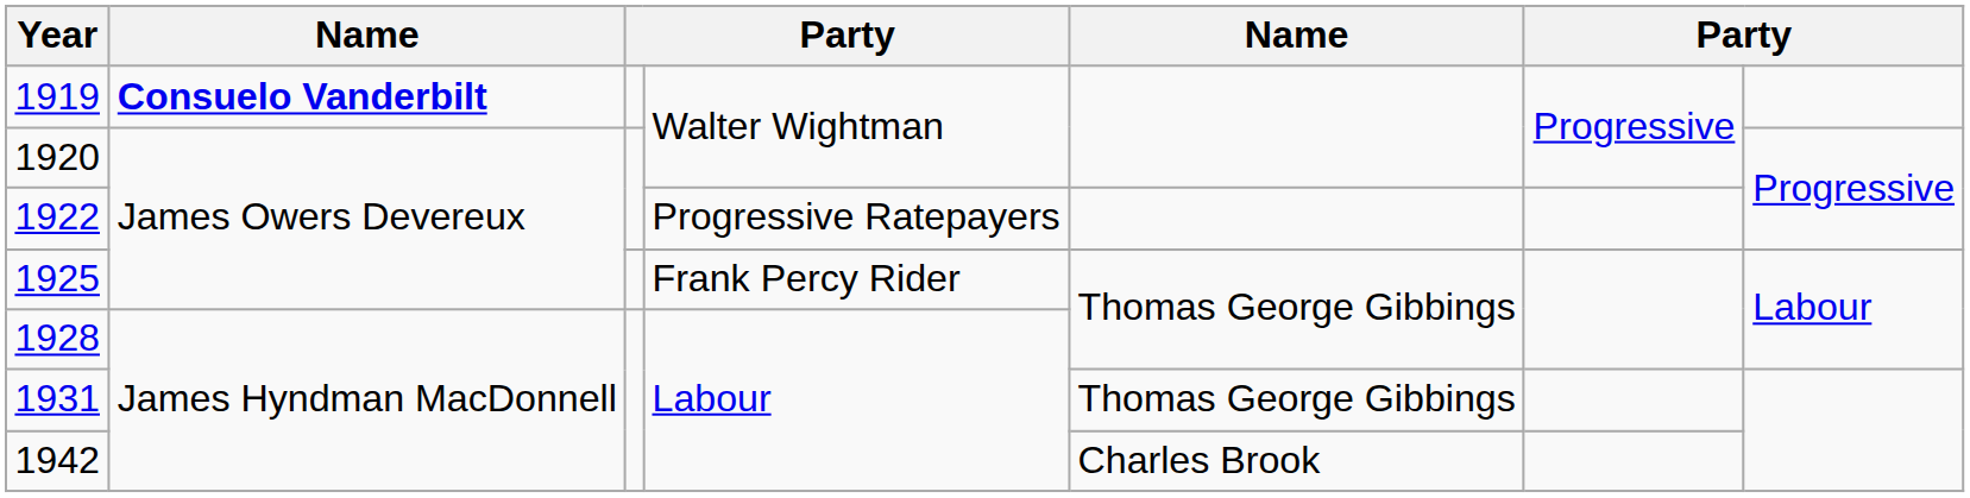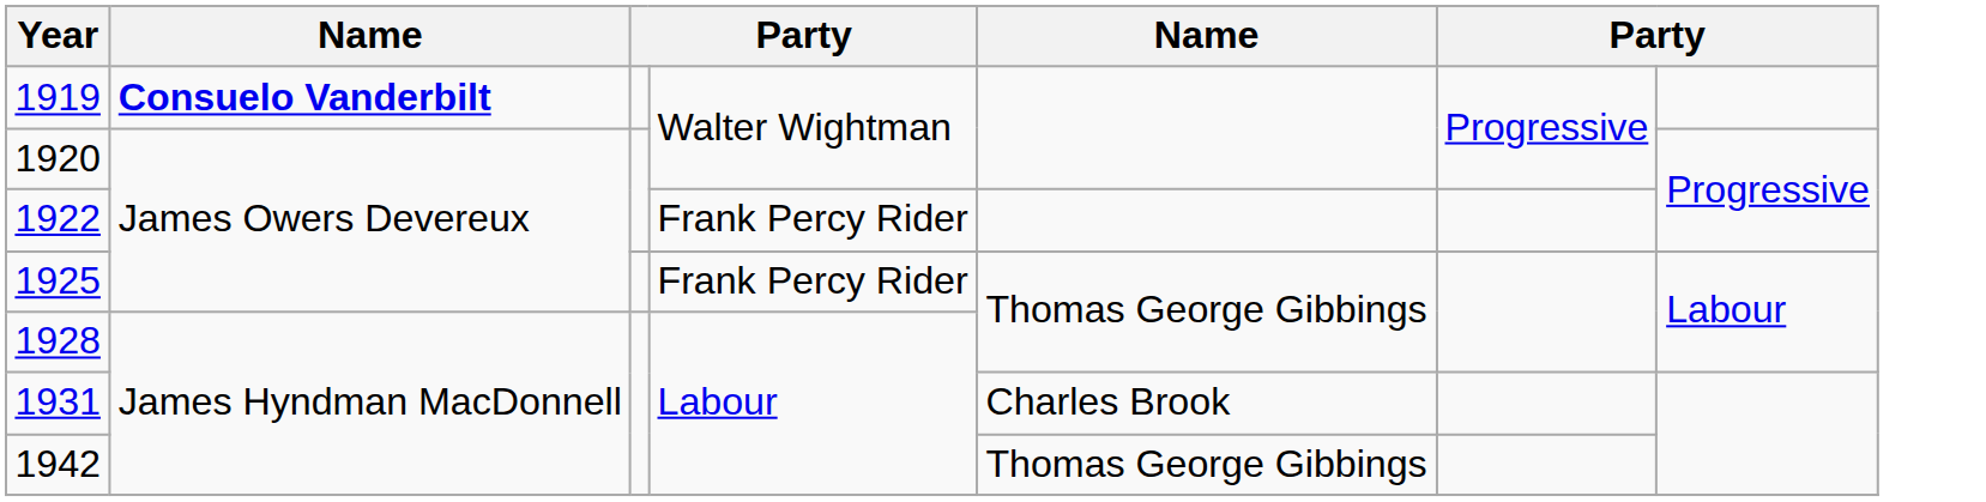 <table class="wikitable">
 <tr>
 <th>Year</th>
 <th>Name</th>
 <th colspan=2>Party</th>
 <th>Name</th>
 <th colspan=2>Party</th>
 </tr>
 <tr>
 <td><a href='#'>1919</a></td>
 <td><strong><a href='#'>Consuelo Vanderbilt</a></strong></td>
 <td></td>
 <td rowspan=2>Walter Wightman</td>
 <td rowspan=2 style="background-color: "></td>
 <td rowspan=2><a href='#'>Progressive</a></td>
 </tr>
 <tr>
 <td>1920</td>
 <td rowspan=3>James Owers Devereux</td>
 <td rowspan=2 style="background-color: "></td>
 <td rowspan=2><a href='#'>Progressive</a></td>
 </tr>
 <tr>
 <td><a href='#'>1922</a></td>
-<td>Progressive Ratepayers</td>
+<td>Frank Percy Rider</td>
 <td></td>
 </tr>
 <tr>
 <td><a href='#'>1925</a></td>
 <td></td>
 <td>Frank Percy Rider</td>
 <td rowspan=2>Thomas George Gibbings</td>
 <td rowspan=2 style="background-color: "></td>
 <td rowspan=2><a href='#'>Labour</a></td>
 </tr>
 <tr>
 <td><a href='#'>1928</a></td>
 <td rowspan=3>James Hyndman MacDonnell</td>
 <td rowspan=3 style="background-color: "></td>
 <td rowspan=3><a href='#'>Labour</a></td>
 </tr>
 <tr>
 <td><a href='#'>1931</a></td>
-<td>Thomas George Gibbings</td>
+<td>Charles Brook</td>
 <td></td>
 </tr>
 <tr>
 <td>1942</td>
-<td>Charles Brook</td>
+<td>Thomas George Gibbings</td>
 <td></td>
 </tr>
 </table>
